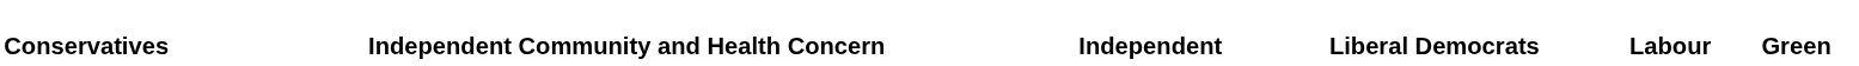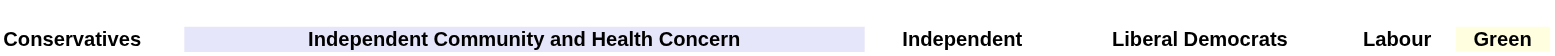 <table style="width:100%; text-align:center;">
 <tr>
 </tr>
 <tr style="color:white;">
 <td style="background:"><strong>14</strong></td>
 <td style="background:"><strong>8</strong></td>
 <td style="background:"><strong>5</strong></td>
 <td style="background:"><strong>3</strong></td>
 <td style="background:"><strong>2</strong></td>
 <td style="background:"><strong>1</strong></td>
 </tr>
 <tr>
 <td><span><strong>Conservatives</strong></span></td>
-<td><span><strong>Independent Community and Health Concern</strong></span></td>
+<td style="background: lavender;"><span><strong>Independent Community and Health Concern</strong></span></td>
 <td><span><strong>Independent</strong></span></td>
 <td><span><strong>Liberal Democrats</strong></span></td>
 <td><span><strong>Labour</strong></span></td>
-<td><span><strong>Green</strong></span></td>
+<td style="background: lightyellow;"><span><strong>Green</strong></span></td>
 </tr>
 </table>
